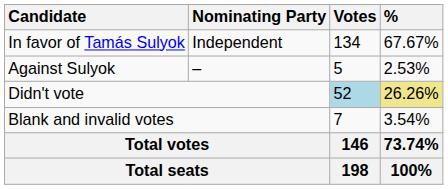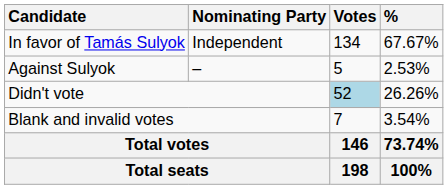 <table class="wikitable">
 <tr>
 <th style="text-align:left">Candidate</th>
 <th style="text-align:left">Nominating Party</th>
 <th style="text-align:left">Votes</th>
 <th style="text-align:left">%</th>
 </tr>
 <tr>
 <td>In favor of <a href='#'>Tamás Sulyok</a></td>
 <td>Independent</td>
 <td>134</td>
 <td>67.67%</td>
 </tr>
 <tr>
 <td>Against Sulyok</td>
 <td>–</td>
 <td>5</td>
 <td>2.53%</td>
 </tr>
 <tr>
 <td colspan=2>Didn't vote</td>
 <td style="background: lightblue;">52</td>
-<td style="background: khaki;">26.26%</td>
+<td>26.26%</td>
 </tr>
 <tr>
 <td colspan=2>Blank and invalid votes</td>
 <td>7</td>
 <td>3.54%</td>
 </tr>
 <tr>
 <th colspan=2>Total votes</th>
 <th>146</th>
 <th>73.74%</th>
 </tr>
 <tr>
 <th colspan=2>Total seats</th>
 <th>198</th>
 <th>100%</th>
 </tr>
 </table>
